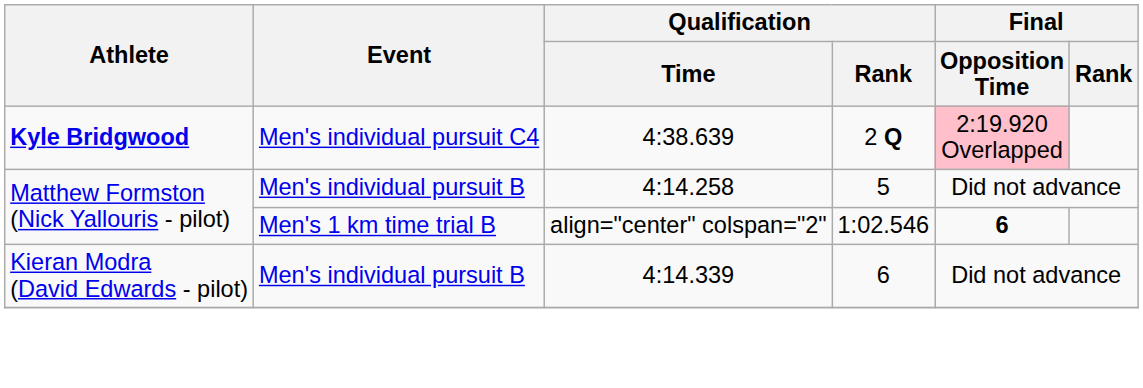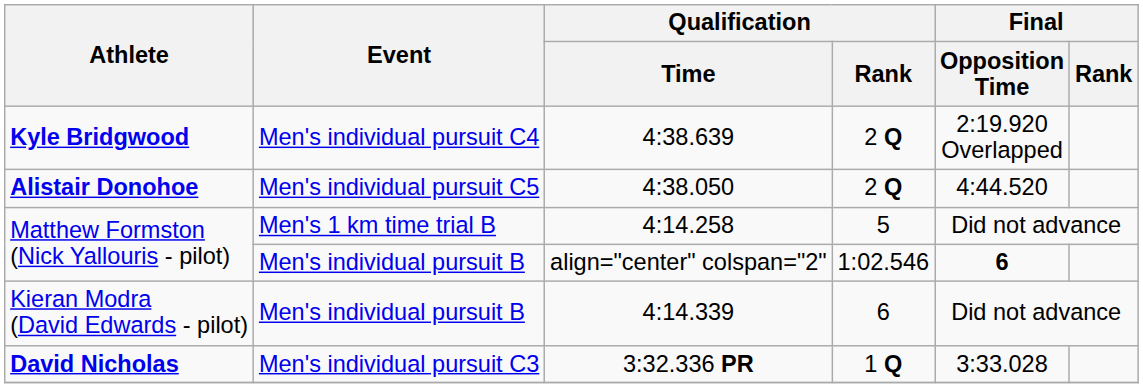 <table class=wikitable>
 <tr>
 <th rowspan="2">Athlete</th>
 <th rowspan="2">Event</th>
 <th colspan="2">Qualification</th>
 <th colspan="2">Final</th>
 </tr>
 <tr>
 <th>Time</th>
 <th>Rank</th>
 <th>Opposition<br>Time</th>
 <th>Rank</th>
 </tr>
 <tr>
 <td><strong><a href='#'>Kyle Bridgwood</a></strong></td>
 <td><a href='#'>Men's individual pursuit C4</a></td>
 <td align="center">4:38.639</td>
 <td align="center">2 <strong>Q</strong></td>
-<td align="center" style="background: pink;">2:19.920 <br> Overlapped</td>
+<td align="center">2:19.920 <br> Overlapped</td>
+<td align="center"></td>
+</tr>
+<tr>
+<td><strong><a href='#'>Alistair Donohoe</a></strong></td>
+<td><a href='#'>Men's individual pursuit C5</a></td>
+<td align="center">4:38.050</td>
+<td align="center">2 <strong>Q</strong></td>
+<td align="center">4:44.520</td>
 <td align="center"></td>
 </tr>
 <tr>
 <td rowspan="2"><a href='#'>Matthew Formston</a><br>(<a href='#'>Nick Yallouris</a> - pilot)</td>
-<td><a href='#'>Men's individual pursuit B</a></td>
+<td><a href='#'>Men's 1 km time trial B</a></td>
 <td align="center">4:14.258</td>
 <td align="center">5</td>
 <td align="center" colspan=2>Did not advance</td>
 </tr>
 <tr>
-<td><a href='#'>Men's 1 km time trial B</a></td>
+<td><a href='#'>Men's individual pursuit B</a></td>
 <td>align="center" colspan="2" </td>
 <td align="center">1:02.546</td>
 <td align="center"><strong>6</strong></td>
 </tr>
 <tr>
 <td rowspan="1"><a href='#'>Kieran Modra</a><br>(<a href='#'>David Edwards</a> - pilot)</td>
 <td><a href='#'>Men's individual pursuit B</a></td>
 <td align="center">4:14.339</td>
 <td align="center">6</td>
 <td align="center" colspan=2>Did not advance</td>
 </tr>
 <tr>
+<td><strong><a href='#'>David Nicholas</a></strong></td>
+<td><a href='#'>Men's individual pursuit C3</a></td>
+<td align="center">3:32.336 <strong>PR</strong></td>
+<td align="center">1 <strong>Q</strong></td>
+<td align="center">3:33.028</td>
+<td align="center"></td>
+</tr>
+<tr>
 </tr>
 </table>
